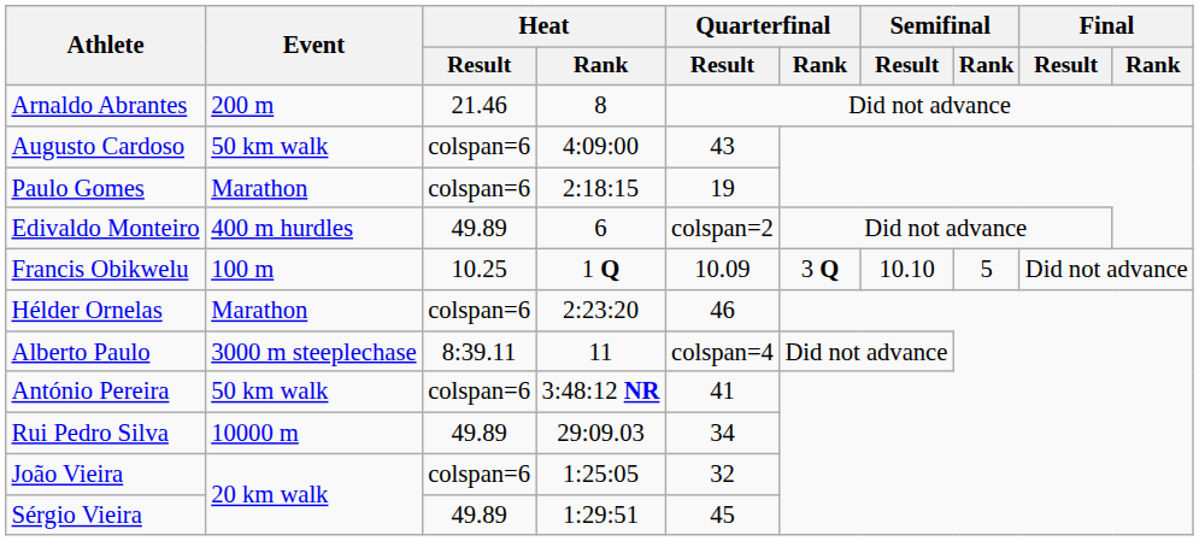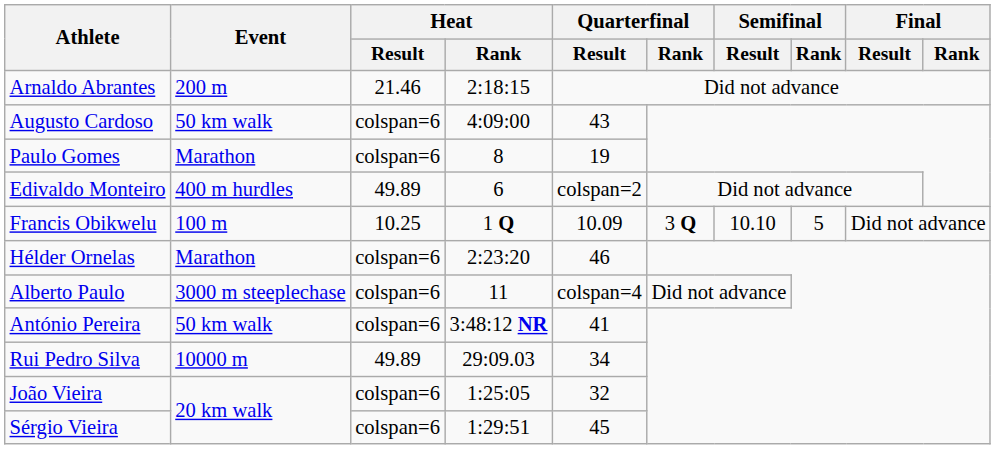 <table class=wikitable style="font-size:90%">
 <tr>
 <th rowspan="2">Athlete</th>
 <th rowspan="2">Event</th>
 <th colspan="2">Heat</th>
 <th colspan="2">Quarterfinal</th>
 <th colspan="2">Semifinal</th>
 <th colspan="2">Final</th>
 </tr>
 <tr style="font-size:95%">
 <th>Result</th>
 <th>Rank</th>
 <th>Result</th>
 <th>Rank</th>
 <th>Result</th>
 <th>Rank</th>
 <th>Result</th>
 <th>Rank</th>
 </tr>
 <tr align=center>
 <td align=left><a href='#'>Arnaldo Abrantes</a></td>
 <td align=left><a href='#'>200 m</a></td>
 <td>21.46</td>
-<td>8</td>
+<td>2:18:15</td>
 <td colspan=6>Did not advance</td>
 </tr>
 <tr align=center>
 <td align=left><a href='#'>Augusto Cardoso</a></td>
 <td align=left><a href='#'>50 km walk</a></td>
 <td>colspan=6 </td>
 <td>4:09:00</td>
 <td>43</td>
 </tr>
 <tr align=center>
 <td align=left><a href='#'>Paulo Gomes</a></td>
 <td align=left><a href='#'>Marathon</a></td>
 <td>colspan=6 </td>
-<td>2:18:15</td>
+<td>8</td>
 <td>19</td>
 </tr>
 <tr align=center>
 <td align=left><a href='#'>Edivaldo Monteiro</a></td>
 <td align=left><a href='#'>400 m hurdles</a></td>
 <td>49.89</td>
 <td>6</td>
 <td>colspan=2 </td>
 <td colspan=4>Did not advance</td>
 </tr>
 <tr align=center>
 <td align=left><a href='#'>Francis Obikwelu</a></td>
 <td align=left><a href='#'>100 m</a></td>
 <td>10.25</td>
 <td>1 <strong>Q</strong></td>
 <td>10.09</td>
 <td>3 <strong>Q</strong></td>
 <td>10.10</td>
 <td>5</td>
 <td colspan=2>Did not advance</td>
 </tr>
 <tr align=center>
 <td align=left><a href='#'>Hélder Ornelas</a></td>
 <td align=left><a href='#'>Marathon</a></td>
 <td>colspan=6 </td>
 <td>2:23:20</td>
 <td>46</td>
 </tr>
 <tr align=center>
 <td align=left><a href='#'>Alberto Paulo</a></td>
 <td align=left><a href='#'>3000 m steeplechase</a></td>
-<td>8:39.11</td>
+<td>colspan=6 </td>
 <td>11</td>
 <td>colspan=4 </td>
 <td colspan=2>Did not advance</td>
 </tr>
 <tr align=center>
 <td align=left><a href='#'>António Pereira</a></td>
 <td align=left><a href='#'>50 km walk</a></td>
 <td>colspan=6 </td>
 <td>3:48:12 <strong><a href='#'>NR</a></strong></td>
 <td>41</td>
 </tr>
 <tr align=center>
 <td align=left><a href='#'>Rui Pedro Silva</a></td>
 <td align=left><a href='#'>10000 m</a></td>
 <td>49.89</td>
 <td>29:09.03</td>
 <td>34</td>
 </tr>
 <tr align=center>
 <td align=left><a href='#'>João Vieira</a></td>
 <td align=left rowspan=2><a href='#'>20 km walk</a></td>
 <td>colspan=6 </td>
 <td>1:25:05</td>
 <td>32</td>
 </tr>
 <tr align=center>
 <td align=left><a href='#'>Sérgio Vieira</a></td>
-<td>49.89</td>
+<td>colspan=6 </td>
 <td>1:29:51</td>
 <td>45</td>
 </tr>
 </table>
